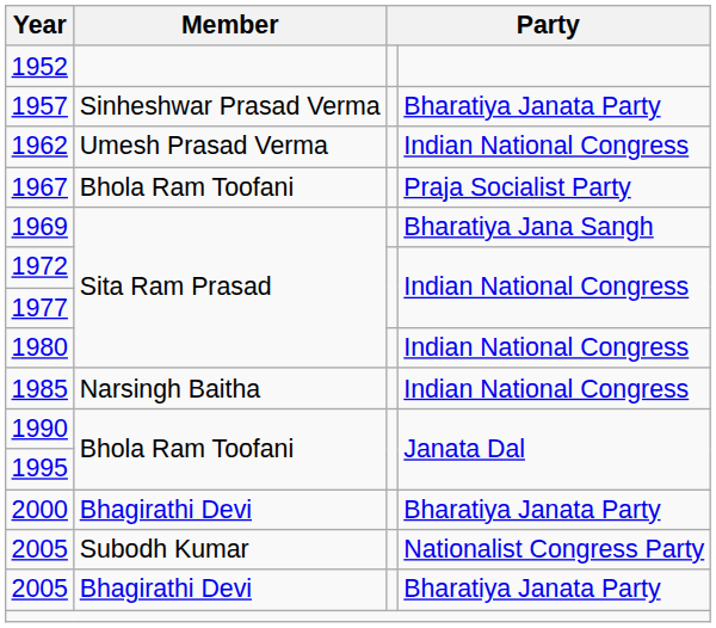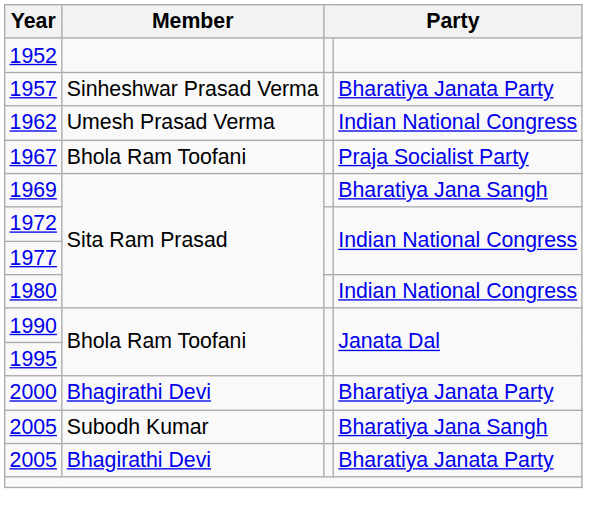 <table class="wikitable">
 <tr>
 <th>Year</th>
 <th>Member</th>
 <th colspan="2">Party</th>
 </tr>
 <tr>
 <td><a href='#'>1952</a></td>
 <td></td>
 <td></td>
 <td></td>
 </tr>
 <tr>
 <td><a href='#'>1957</a></td>
 <td>Sinheshwar Prasad Verma</td>
 <td style="background-color: "></td>
 <td><a href='#'>Bharatiya Janata Party</a></td>
 </tr>
 <tr>
 <td><a href='#'>1962</a></td>
 <td>Umesh Prasad Verma</td>
 <td style="background-color: "></td>
 <td><a href='#'>Indian National Congress</a></td>
 </tr>
 <tr>
 <td><a href='#'>1967</a></td>
 <td>Bhola Ram Toofani</td>
 <td style="background-color: "></td>
 <td><a href='#'>Praja Socialist Party</a></td>
 </tr>
 <tr>
 <td><a href='#'>1969</a></td>
 <td rowspan="4">Sita Ram Prasad</td>
 <td style="background-color: "></td>
 <td><a href='#'>Bharatiya Jana Sangh</a></td>
 </tr>
 <tr>
 <td><a href='#'>1972</a></td>
 <td rowspan="2" style="background-color: "></td>
 <td rowspan="2"><a href='#'>Indian National Congress</a></td>
 </tr>
 <tr>
 <td><a href='#'>1977</a></td>
 </tr>
 <tr>
 <td><a href='#'>1980</a></td>
 <td style="background-color: "></td>
 <td><a href='#'>Indian National Congress</a></td>
 </tr>
 <tr>
-<td><a href='#'>1985</a></td>
-<td>Narsingh Baitha</td>
-<td style="background-color: "></td>
-<td><a href='#'>Indian National Congress</a></td>
-</tr>
-<tr>
 <td><a href='#'>1990</a></td>
 <td rowspan="2">Bhola Ram Toofani</td>
 <td rowspan="2" style="background-color: "></td>
 <td rowspan="2"><a href='#'>Janata Dal</a></td>
 </tr>
 <tr>
 <td><a href='#'>1995</a></td>
 </tr>
 <tr>
 <td><a href='#'>2000</a></td>
 <td><a href='#'>Bhagirathi Devi</a></td>
 <td style="background-color: "></td>
 <td><a href='#'>Bharatiya Janata Party</a></td>
 </tr>
 <tr>
 <td><a href='#'>2005</a></td>
 <td>Subodh Kumar</td>
 <td style="background-color: "></td>
-<td><a href='#'>Nationalist Congress Party</a></td>
+<td><a href='#'>Bharatiya Jana Sangh</a></td>
 </tr>
 <tr>
 <td><a href='#'>2005</a></td>
 <td><a href='#'>Bhagirathi Devi</a></td>
 <td style="background-color: "></td>
 <td><a href='#'>Bharatiya Janata Party</a></td>
 </tr>
 <tr>
 <td colspan="4"></td>
 </tr>
 </table>
